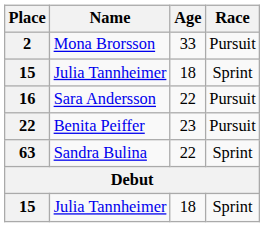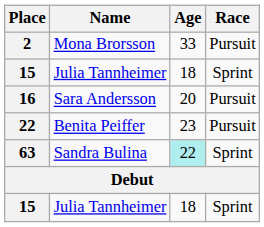 <table class="wikitable plainrowheaders" style="font-size:80%; text-align:center; display:inline-table;">
 <tr>
 <th>Place</th>
 <th>Name</th>
 <th>Age</th>
 <th>Race</th>
 </tr>
 <tr>
 <th>2</th>
 <td style="text-align:left"> <a href='#'>Mona Brorsson</a></td>
 <td>33</td>
 <td>Pursuit</td>
 </tr>
 <tr>
 <th>15</th>
 <td style="text-align:left"> <a href='#'>Julia Tannheimer</a></td>
 <td>18</td>
 <td>Sprint</td>
 </tr>
 <tr>
 <th>16</th>
 <td style="text-align:left"> <a href='#'>Sara Andersson</a></td>
-<td>22</td>
+<td>20</td>
 <td>Pursuit</td>
 </tr>
 <tr>
 <th>22</th>
 <td style="text-align:left"> <a href='#'>Benita Peiffer</a></td>
 <td>23</td>
 <td>Pursuit</td>
 </tr>
 <tr>
 <th>63</th>
 <td style="text-align:left"> <a href='#'>Sandra Bulina</a></td>
-<td>22</td>
+<td style="background: paleturquoise;">22</td>
 <td>Sprint</td>
 </tr>
 <tr>
 <th colspan=4>Debut</th>
 </tr>
 <tr>
 <th>15</th>
 <td style="text-align:left"> <a href='#'>Julia Tannheimer</a></td>
 <td>18</td>
 <td>Sprint</td>
 </tr>
 </table>
